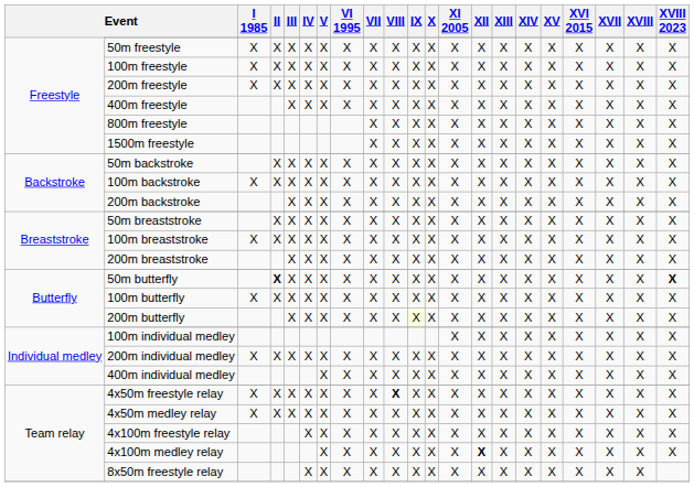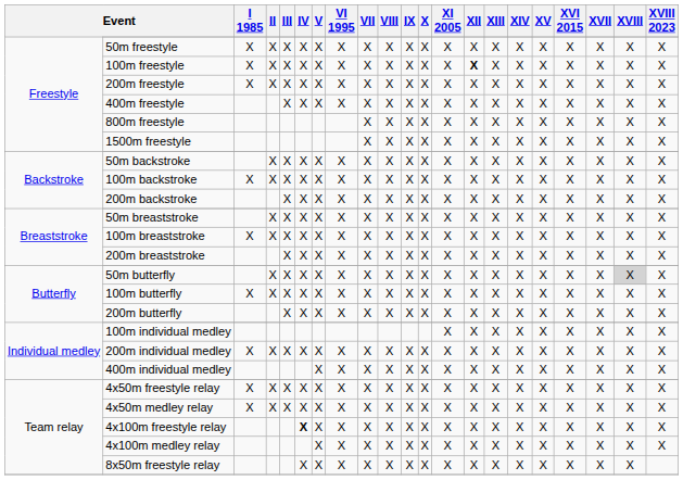 <table class="wikitable" style="text-align:center">
 <tr>
 <th colspan=2>Event</th>
 <th><a href='#'>I<br>1985</a></th>
 <th><a href='#'>II</a></th>
 <th><a href='#'>III</a></th>
 <th><a href='#'>IV</a></th>
 <th><a href='#'>V</a></th>
 <th><a href='#'>VI<br>1995</a></th>
 <th><a href='#'>VII</a></th>
 <th><a href='#'>VIII</a></th>
 <th><a href='#'>IX</a></th>
 <th><a href='#'>X</a></th>
 <th><a href='#'>XI<br>2005</a></th>
 <th><a href='#'>XII</a></th>
 <th><a href='#'>XIII</a></th>
 <th><a href='#'>XIV</a></th>
 <th><a href='#'>XV</a></th>
 <th><a href='#'>XVI<br>2015</a></th>
 <th><a href='#'>XVII</a></th>
 <th><a href='#'>XVIII</a></th>
 <th><a href='#'>XVIII<br>2023</a></th>
 </tr>
 <tr>
 <td rowspan=7><a href='#'>Freestyle</a></td>
 </tr>
 <tr>
 <td align=left>50m freestyle</td>
 <td>X</td>
 <td>X</td>
 <td>X</td>
 <td>X</td>
 <td>X</td>
 <td>X</td>
 <td>X</td>
 <td>X</td>
 <td>X</td>
 <td>X</td>
 <td>X</td>
 <td>X</td>
 <td>X</td>
 <td>X</td>
 <td>X</td>
 <td>X</td>
 <td>X</td>
 <td>X</td>
 <td>X</td>
 </tr>
 <tr>
 <td align=left>100m freestyle</td>
 <td>X</td>
 <td>X</td>
 <td>X</td>
 <td>X</td>
 <td>X</td>
 <td>X</td>
 <td>X</td>
 <td>X</td>
 <td>X</td>
 <td>X</td>
 <td>X</td>
-<td>X</td>
+<td><strong>X</strong></td>
 <td>X</td>
 <td>X</td>
 <td>X</td>
 <td>X</td>
 <td>X</td>
 <td>X</td>
 <td>X</td>
 </tr>
 <tr>
 <td align=left>200m freestyle</td>
 <td>X</td>
 <td>X</td>
 <td>X</td>
 <td>X</td>
 <td>X</td>
 <td>X</td>
 <td>X</td>
 <td>X</td>
 <td>X</td>
 <td>X</td>
 <td>X</td>
 <td>X</td>
 <td>X</td>
 <td>X</td>
 <td>X</td>
 <td>X</td>
 <td>X</td>
 <td>X</td>
 <td>X</td>
 </tr>
 <tr>
 <td align=left>400m freestyle</td>
 <td></td>
 <td></td>
 <td>X</td>
 <td>X</td>
 <td>X</td>
 <td>X</td>
 <td>X</td>
 <td>X</td>
 <td>X</td>
 <td>X</td>
 <td>X</td>
 <td>X</td>
 <td>X</td>
 <td>X</td>
 <td>X</td>
 <td>X</td>
 <td>X</td>
 <td>X</td>
 <td>X</td>
 </tr>
 <tr>
 <td align=left>800m freestyle</td>
 <td></td>
 <td></td>
 <td></td>
 <td></td>
 <td></td>
 <td></td>
 <td>X</td>
 <td>X</td>
 <td>X</td>
 <td>X</td>
 <td>X</td>
 <td>X</td>
 <td>X</td>
 <td>X</td>
 <td>X</td>
 <td>X</td>
 <td>X</td>
 <td>X</td>
 <td>X</td>
 </tr>
 <tr>
 <td align=left>1500m freestyle</td>
 <td></td>
 <td></td>
 <td></td>
 <td></td>
 <td></td>
 <td></td>
 <td>X</td>
 <td>X</td>
 <td>X</td>
 <td>X</td>
 <td>X</td>
 <td>X</td>
 <td>X</td>
 <td>X</td>
 <td>X</td>
 <td>X</td>
 <td>X</td>
 <td>X</td>
 <td>X</td>
 </tr>
 <tr>
 <td rowspan=4><a href='#'>Backstroke</a></td>
 </tr>
 <tr>
 <td align=left>50m backstroke</td>
 <td></td>
 <td>X</td>
 <td>X</td>
 <td>X</td>
 <td>X</td>
 <td>X</td>
 <td>X</td>
 <td>X</td>
 <td>X</td>
 <td>X</td>
 <td>X</td>
 <td>X</td>
 <td>X</td>
 <td>X</td>
 <td>X</td>
 <td>X</td>
 <td>X</td>
 <td>X</td>
 <td>X</td>
 </tr>
 <tr>
 <td align=left>100m backstroke</td>
 <td>X</td>
 <td>X</td>
 <td>X</td>
 <td>X</td>
 <td>X</td>
 <td>X</td>
 <td>X</td>
 <td>X</td>
 <td>X</td>
 <td>X</td>
 <td>X</td>
 <td>X</td>
 <td>X</td>
 <td>X</td>
 <td>X</td>
 <td>X</td>
 <td>X</td>
 <td>X</td>
 <td>X</td>
 </tr>
 <tr>
 <td align=left>200m backstroke</td>
 <td></td>
 <td></td>
 <td>X</td>
 <td>X</td>
 <td>X</td>
 <td>X</td>
 <td>X</td>
 <td>X</td>
 <td>X</td>
 <td>X</td>
 <td>X</td>
 <td>X</td>
 <td>X</td>
 <td>X</td>
 <td>X</td>
 <td>X</td>
 <td>X</td>
 <td>X</td>
 <td>X</td>
 </tr>
 <tr>
 <td rowspan=4><a href='#'>Breaststroke</a></td>
 </tr>
 <tr>
 <td align=left>50m breaststroke</td>
 <td></td>
 <td>X</td>
 <td>X</td>
 <td>X</td>
 <td>X</td>
 <td>X</td>
 <td>X</td>
 <td>X</td>
 <td>X</td>
 <td>X</td>
 <td>X</td>
 <td>X</td>
 <td>X</td>
 <td>X</td>
 <td>X</td>
 <td>X</td>
 <td>X</td>
 <td>X</td>
 <td>X</td>
 </tr>
 <tr>
 <td align=left>100m breaststroke</td>
 <td>X</td>
 <td>X</td>
 <td>X</td>
 <td>X</td>
 <td>X</td>
 <td>X</td>
 <td>X</td>
 <td>X</td>
 <td>X</td>
 <td>X</td>
 <td>X</td>
 <td>X</td>
 <td>X</td>
 <td>X</td>
 <td>X</td>
 <td>X</td>
 <td>X</td>
 <td>X</td>
 <td>X</td>
 </tr>
 <tr>
 <td align=left>200m breaststroke</td>
 <td></td>
 <td></td>
 <td>X</td>
 <td>X</td>
 <td>X</td>
 <td>X</td>
 <td>X</td>
 <td>X</td>
 <td>X</td>
 <td>X</td>
 <td>X</td>
 <td>X</td>
 <td>X</td>
 <td>X</td>
 <td>X</td>
 <td>X</td>
 <td>X</td>
 <td>X</td>
 <td>X</td>
 </tr>
 <tr>
 <td rowspan=4><a href='#'>Butterfly</a></td>
 </tr>
 <tr>
 <td align=left>50m butterfly</td>
 <td></td>
-<td><strong>X</strong></td>
 <td>X</td>
 <td>X</td>
 <td>X</td>
 <td>X</td>
 <td>X</td>
 <td>X</td>
 <td>X</td>
 <td>X</td>
 <td>X</td>
 <td>X</td>
 <td>X</td>
 <td>X</td>
 <td>X</td>
 <td>X</td>
 <td>X</td>
 <td>X</td>
-<td><strong>X</strong></td>
+<td style="background: lightgrey;">X</td>
+<td>X</td>
 </tr>
 <tr>
 <td align=left>100m butterfly</td>
 <td>X</td>
 <td>X</td>
 <td>X</td>
 <td>X</td>
 <td>X</td>
 <td>X</td>
 <td>X</td>
 <td>X</td>
 <td>X</td>
 <td>X</td>
 <td>X</td>
 <td>X</td>
 <td>X</td>
 <td>X</td>
 <td>X</td>
 <td>X</td>
 <td>X</td>
 <td>X</td>
 <td>X</td>
 </tr>
 <tr>
 <td align=left>200m butterfly</td>
 <td></td>
 <td></td>
 <td>X</td>
 <td>X</td>
 <td>X</td>
 <td>X</td>
 <td>X</td>
 <td>X</td>
-<td style="background: lightyellow;">X</td>
+<td>X</td>
 <td>X</td>
 <td>X</td>
 <td>X</td>
 <td>X</td>
 <td>X</td>
 <td>X</td>
 <td>X</td>
 <td>X</td>
 <td>X</td>
 <td>X</td>
 </tr>
 <tr>
 <td rowspan=4><a href='#'>Individual medley</a></td>
 </tr>
 <tr>
 <td align=left>100m individual medley</td>
 <td></td>
 <td></td>
 <td></td>
 <td></td>
 <td></td>
 <td></td>
 <td></td>
 <td></td>
 <td></td>
 <td></td>
 <td>X</td>
 <td>X</td>
 <td>X</td>
 <td>X</td>
 <td>X</td>
 <td>X</td>
 <td>X</td>
 <td>X</td>
 <td>X</td>
 </tr>
 <tr>
 <td align=left>200m individual medley</td>
 <td>X</td>
 <td>X</td>
 <td>X</td>
 <td>X</td>
 <td>X</td>
 <td>X</td>
 <td>X</td>
 <td>X</td>
 <td>X</td>
 <td>X</td>
 <td>X</td>
 <td>X</td>
 <td>X</td>
 <td>X</td>
 <td>X</td>
 <td>X</td>
 <td>X</td>
 <td>X</td>
 <td>X</td>
 </tr>
 <tr>
 <td align=left>400m individual medley</td>
 <td></td>
 <td></td>
 <td></td>
 <td></td>
 <td>X</td>
 <td>X</td>
 <td>X</td>
 <td>X</td>
 <td>X</td>
 <td>X</td>
 <td>X</td>
 <td>X</td>
 <td>X</td>
 <td>X</td>
 <td>X</td>
 <td>X</td>
 <td>X</td>
 <td>X</td>
 <td>X</td>
 </tr>
 <tr>
 <td rowspan=6>Team relay</td>
 </tr>
 <tr>
 <td align=left>4x50m freestyle relay</td>
 <td>X</td>
 <td>X</td>
 <td>X</td>
 <td>X</td>
 <td>X</td>
 <td>X</td>
 <td>X</td>
-<td><strong>X</strong></td>
+<td>X</td>
 <td>X</td>
 <td>X</td>
 <td>X</td>
 <td>X</td>
 <td>X</td>
 <td>X</td>
 <td>X</td>
 <td>X</td>
 <td>X</td>
 <td>X</td>
 <td>X</td>
 </tr>
 <tr>
 <td align=left>4x50m medley relay</td>
 <td>X</td>
 <td>X</td>
 <td>X</td>
 <td>X</td>
 <td>X</td>
 <td>X</td>
 <td>X</td>
 <td>X</td>
 <td>X</td>
 <td>X</td>
 <td>X</td>
 <td>X</td>
 <td>X</td>
 <td>X</td>
 <td>X</td>
 <td>X</td>
 <td>X</td>
 <td>X</td>
 <td>X</td>
 </tr>
 <tr>
 <td align=left>4x100m freestyle relay</td>
 <td></td>
 <td></td>
 <td></td>
-<td>X</td>
+<td><strong>X</strong></td>
 <td>X</td>
 <td>X</td>
 <td>X</td>
 <td>X</td>
 <td>X</td>
 <td>X</td>
 <td>X</td>
 <td>X</td>
 <td>X</td>
 <td>X</td>
 <td>X</td>
 <td>X</td>
 <td>X</td>
 <td>X</td>
 <td>X</td>
 </tr>
 <tr>
 <td align=left>4x100m medley relay</td>
 <td></td>
 <td></td>
 <td></td>
 <td></td>
 <td>X</td>
 <td>X</td>
 <td>X</td>
 <td>X</td>
 <td>X</td>
 <td>X</td>
 <td>X</td>
-<td><strong>X</strong></td>
+<td>X</td>
 <td>X</td>
 <td>X</td>
 <td>X</td>
 <td>X</td>
 <td>X</td>
 <td>X</td>
 <td>X</td>
 </tr>
 <tr>
 <td align=left>8x50m freestyle relay</td>
 <td></td>
 <td></td>
 <td></td>
 <td>X</td>
 <td>X</td>
 <td>X</td>
 <td>X</td>
 <td>X</td>
 <td>X</td>
 <td>X</td>
 <td>X</td>
 <td>X</td>
 <td>X</td>
 <td>X</td>
 <td>X</td>
 <td>X</td>
 <td>X</td>
 <td>X</td>
 <td></td>
 </tr>
 <tr>
 </tr>
 </table>
